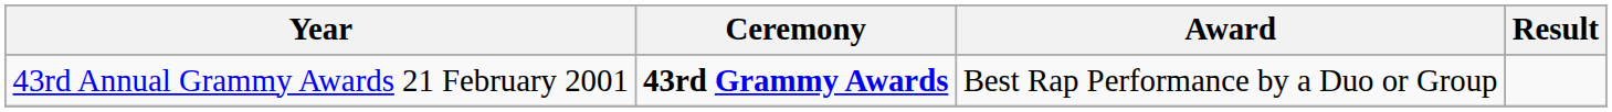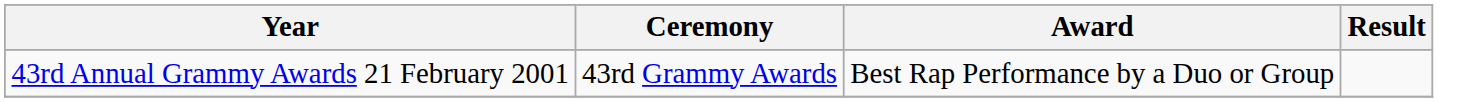 <table class="wikitable plainrowheaders">
 <tr>
 <th>Year</th>
 <th>Ceremony</th>
 <th>Award</th>
 <th>Result</th>
 </tr>
 <tr>
 <td><a href='#'>43rd Annual Grammy Awards</a> 21 February 2001</td>
-<td><strong>43rd <a href='#'>Grammy Awards</a></strong></td>
+<td>43rd <a href='#'>Grammy Awards</a></td>
 <td>Best Rap Performance by a Duo or Group</td>
 <td></td>
 </tr>
 <tr>
 </tr>
 </table>
